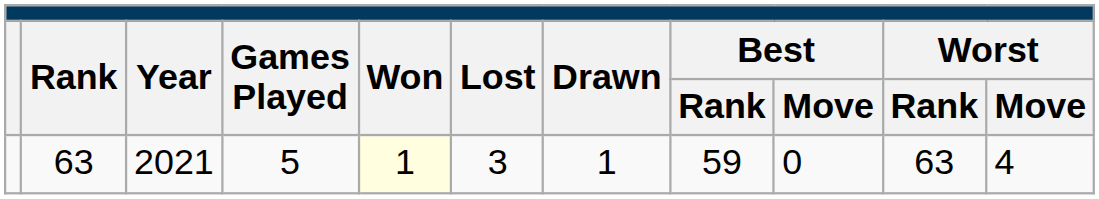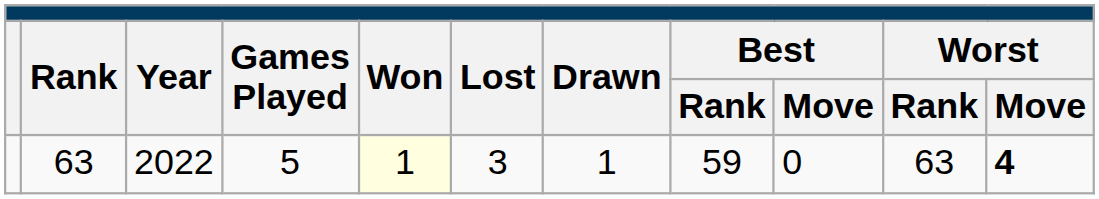 <table class="wikitable sortable" style="text-align:center;">
 <tr>
 <th colspan="11" style="background: #013A5E; color: #FFFFFF;"><a href='#'></a></th>
 </tr>
 <tr>
 <th rowspan=2></th>
 <th rowspan=2>Rank</th>
 <th rowspan=2>Year</th>
 <th rowspan=2>Games<br>Played</th>
 <th rowspan=2>Won</th>
 <th rowspan=2>Lost</th>
 <th rowspan=2>Drawn</th>
 <th colspan=2>Best</th>
 <th colspan=2>Worst</th>
 </tr>
 <tr>
 <th>Rank</th>
 <th>Move</th>
 <th>Rank</th>
 <th>Move</th>
 </tr>
 <tr>
 <td></td>
 <td>63</td>
-<td>2021</td>
+<td>2022</td>
 <td>5</td>
 <td style="background: lightyellow;">1</td>
 <td>3</td>
 <td>1</td>
 <td>59</td>
 <td align=left> 0</td>
 <td>63</td>
-<td align=left> 4</td>
+<td align=left><strong> 4</strong></td>
 </tr>
 </table>
